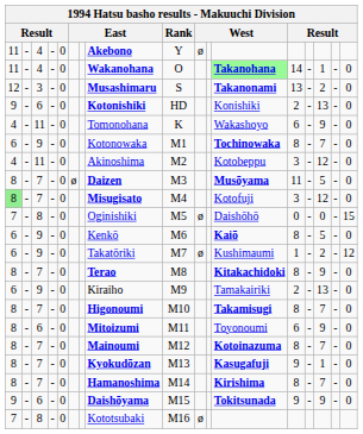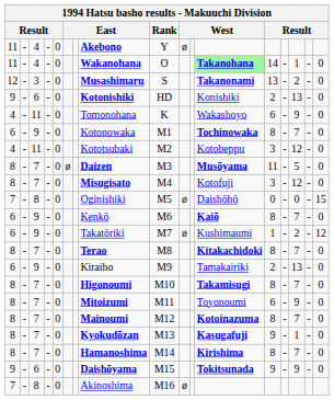 <table class="wikitable">
 <tr>
 <th colspan="17">1994 Hatsu basho results - Makuuchi Division</th>
 </tr>
 <tr>
 <th colspan="5">Result</th>
 <th colspan="3">East</th>
 <th>Rank</th>
 <th colspan="3">West</th>
 <th colspan="5">Result</th>
 </tr>
 <tr>
 <td align=center>11</td>
 <td align=center>-</td>
 <td align=center>4</td>
 <td align=center>-</td>
 <td align=center>0</td>
 <td align=center></td>
 <td align=center></td>
 <td><strong><a href='#'>Akebono</a></strong></td>
 <td align=center>Y</td>
 <td align=center>ø</td>
 <td align=center></td>
 <td></td>
 <td align=center></td>
 <td align=center></td>
 <td align=center></td>
 <td align=center></td>
 <td align=center></td>
 </tr>
 <tr>
 <td align=center>11</td>
 <td align=center>-</td>
 <td align=center>4</td>
 <td align=center>-</td>
 <td align=center>0</td>
 <td align=center></td>
 <td align=center></td>
 <td><strong><a href='#'>Wakanohana</a></strong></td>
 <td align=center>O</td>
 <td align=center></td>
 <td align=center></td>
 <td style="background: PaleGreen;"><strong><a href='#'>Takanohana</a></strong></td>
 <td align=center>14</td>
 <td align=center>-</td>
 <td align=center>1</td>
 <td align=center>-</td>
 <td align=center>0</td>
 </tr>
 <tr>
 <td align=center>12</td>
 <td align=center>-</td>
 <td align=center>3</td>
 <td align=center>-</td>
 <td align=center>0</td>
 <td align=center></td>
 <td align=center></td>
 <td><strong><a href='#'>Musashimaru</a></strong></td>
 <td align=center>S</td>
 <td align=center></td>
 <td align=center></td>
 <td><strong><a href='#'>Takanonami</a></strong></td>
 <td align=center>13</td>
 <td align=center>-</td>
 <td align=center>2</td>
 <td align=center>-</td>
 <td align=center>0</td>
 </tr>
 <tr>
 <td align=center>9</td>
 <td align=center>-</td>
 <td align=center>6</td>
 <td align=center>-</td>
 <td align=center>0</td>
 <td align=center></td>
 <td align=center></td>
 <td><strong><a href='#'>Kotonishiki</a></strong></td>
 <td align=center>HD</td>
 <td align=center></td>
 <td align=center></td>
 <td><a href='#'>Konishiki</a></td>
 <td align=center>2</td>
 <td align=center>-</td>
 <td align=center>13</td>
 <td align=center>-</td>
 <td align=center>0</td>
 </tr>
 <tr>
 <td align=center>4</td>
 <td align=center>-</td>
 <td align=center>11</td>
 <td align=center>-</td>
 <td align=center>0</td>
 <td align=center></td>
 <td align=center></td>
 <td><a href='#'>Tomonohana</a></td>
 <td align=center>K</td>
 <td align=center></td>
 <td align=center></td>
 <td><a href='#'>Wakashoyo</a></td>
 <td align=center>6</td>
 <td align=center>-</td>
 <td align=center>9</td>
 <td align=center>-</td>
 <td align=center>0</td>
 </tr>
 <tr>
 <td align=center>6</td>
 <td align=center>-</td>
 <td align=center>9</td>
 <td align=center>-</td>
 <td align=center>0</td>
 <td align=center></td>
 <td align=center></td>
 <td><a href='#'>Kotonowaka</a></td>
 <td align=center>M1</td>
 <td align=center></td>
 <td align=center></td>
 <td><strong><a href='#'>Tochinowaka</a></strong></td>
 <td align=center>8</td>
 <td align=center>-</td>
 <td align=center>7</td>
 <td align=center>-</td>
 <td align=center>0</td>
 </tr>
 <tr>
 <td align=center>4</td>
 <td align=center>-</td>
 <td align=center>11</td>
 <td align=center>-</td>
 <td align=center>0</td>
 <td align=center></td>
 <td align=center></td>
-<td><a href='#'>Akinoshima</a></td>
+<td><a href='#'>Kototsubaki</a></td>
 <td align=center>M2</td>
 <td align=center></td>
 <td align=center></td>
 <td><a href='#'>Kotobeppu</a></td>
 <td align=center>3</td>
 <td align=center>-</td>
 <td align=center>12</td>
 <td align=center>-</td>
 <td align=center>0</td>
 </tr>
 <tr>
 <td align=center>8</td>
 <td align=center>-</td>
 <td align=center>7</td>
 <td align=center>-</td>
 <td align=center>0</td>
 <td align=center>ø</td>
 <td align=center></td>
 <td><strong><a href='#'>Daizen</a></strong></td>
 <td align=center>M3</td>
 <td align=center></td>
 <td align=center></td>
 <td><strong><a href='#'>Musōyama</a></strong></td>
 <td align=center>11</td>
 <td align=center>-</td>
 <td align=center>5</td>
 <td align=center>-</td>
 <td align=center>0</td>
 </tr>
 <tr>
-<td align=center style="background: lightgreen;">8</td>
+<td align=center>8</td>
 <td align=center>-</td>
 <td align=center>7</td>
 <td align=center>-</td>
 <td align=center>0</td>
 <td align=center></td>
 <td align=center></td>
 <td><strong><a href='#'>Misugisato</a></strong></td>
 <td align=center>M4</td>
 <td align=center></td>
 <td align=center></td>
 <td><a href='#'>Kotofuji</a></td>
 <td align=center>3</td>
 <td align=center>-</td>
 <td align=center>12</td>
 <td align=center>-</td>
 <td align=center>0</td>
 </tr>
 <tr>
 <td align=center>7</td>
 <td align=center>-</td>
 <td align=center>8</td>
 <td align=center>-</td>
 <td align=center>0</td>
 <td align=center></td>
 <td align=center></td>
 <td><a href='#'>Oginishiki</a></td>
 <td align=center>M5</td>
 <td align=center>ø</td>
 <td align=center></td>
 <td><a href='#'>Daishōhō</a></td>
 <td align=center>0</td>
 <td align=center>-</td>
 <td align=center>0</td>
 <td align=center>-</td>
 <td align=center>15</td>
 </tr>
 <tr>
 <td align=center>6</td>
 <td align=center>-</td>
 <td align=center>9</td>
 <td align=center>-</td>
 <td align=center>0</td>
 <td align=center></td>
 <td align=center></td>
 <td><a href='#'>Kenkō</a></td>
 <td align=center>M6</td>
 <td align=center></td>
 <td align=center></td>
 <td><strong><a href='#'>Kaiō</a></strong></td>
 <td align=center>8</td>
 <td align=center>-</td>
-<td align=center>5</td>
+<td align=center>7</td>
 <td align=center>-</td>
 <td align=center>0</td>
 </tr>
 <tr>
 <td align=center>6</td>
 <td align=center>-</td>
 <td align=center>9</td>
 <td align=center>-</td>
 <td align=center>0</td>
 <td align=center></td>
 <td align=center></td>
 <td><a href='#'>Takatōriki</a></td>
 <td align=center>M7</td>
 <td align=center>ø</td>
 <td align=center></td>
 <td><a href='#'>Kushimaumi</a></td>
 <td align=center>1</td>
 <td align=center>-</td>
 <td align=center>2</td>
 <td align=center>-</td>
 <td align=center>12</td>
 </tr>
 <tr>
 <td align=center>8</td>
 <td align=center>-</td>
 <td align=center>7</td>
 <td align=center>-</td>
 <td align=center>0</td>
 <td align=center></td>
 <td align=center></td>
 <td><strong><a href='#'>Terao</a></strong></td>
 <td align=center>M8</td>
 <td align=center></td>
 <td align=center></td>
 <td><strong><a href='#'>Kitakachidoki</a></strong></td>
 <td align=center>8</td>
 <td align=center>-</td>
-<td align=center>9</td>
+<td align=center>7</td>
 <td align=center>-</td>
 <td align=center>0</td>
 </tr>
 <tr>
 <td align=center>6</td>
 <td align=center>-</td>
 <td align=center>9</td>
 <td align=center>-</td>
 <td align=center>0</td>
 <td align=center></td>
 <td align=center></td>
 <td>Kiraiho</td>
 <td align=center>M9</td>
 <td align=center></td>
 <td align=center></td>
 <td><a href='#'>Tamakairiki</a></td>
 <td align=center>2</td>
 <td align=center>-</td>
 <td align=center>13</td>
 <td align=center>-</td>
 <td align=center>0</td>
 </tr>
 <tr>
 <td align=center>8</td>
 <td align=center>-</td>
 <td align=center>7</td>
 <td align=center>-</td>
 <td align=center>0</td>
 <td align=center></td>
 <td align=center></td>
 <td><strong><a href='#'>Higonoumi</a></strong></td>
 <td align=center>M10</td>
 <td align=center></td>
 <td align=center></td>
 <td><strong><a href='#'>Takamisugi</a></strong></td>
 <td align=center>8</td>
 <td align=center>-</td>
 <td align=center>7</td>
 <td align=center>-</td>
 <td align=center>0</td>
 </tr>
 <tr>
 <td align=center>8</td>
 <td align=center>-</td>
-<td align=center>6</td>
+<td align=center>7</td>
 <td align=center>-</td>
 <td align=center>0</td>
 <td align=center></td>
 <td align=center></td>
 <td><strong><a href='#'>Mitoizumi</a></strong></td>
 <td align=center>M11</td>
 <td align=center></td>
 <td align=center></td>
 <td><a href='#'>Toyonoumi</a></td>
 <td align=center>6</td>
 <td align=center>-</td>
 <td align=center>9</td>
 <td align=center>-</td>
 <td align=center>0</td>
 </tr>
 <tr>
 <td align=center>8</td>
 <td align=center>-</td>
 <td align=center>7</td>
 <td align=center>-</td>
 <td align=center>0</td>
 <td align=center></td>
 <td align=center></td>
 <td><strong><a href='#'>Mainoumi</a></strong></td>
 <td align=center>M12</td>
 <td align=center></td>
 <td align=center></td>
 <td><strong><a href='#'>Kotoinazuma</a></strong></td>
 <td align=center>8</td>
 <td align=center>-</td>
 <td align=center>7</td>
 <td align=center>-</td>
 <td align=center>0</td>
 </tr>
 <tr>
 <td align=center>8</td>
 <td align=center>-</td>
 <td align=center>7</td>
 <td align=center>-</td>
 <td align=center>0</td>
 <td align=center></td>
 <td align=center></td>
 <td><strong><a href='#'>Kyokudōzan</a></strong></td>
 <td align=center>M13</td>
 <td align=center></td>
 <td align=center></td>
 <td><strong><a href='#'>Kasugafuji</a></strong></td>
 <td align=center>9</td>
 <td align=center>-</td>
 <td align=center>1</td>
 <td align=center>-</td>
 <td align=center>0</td>
 </tr>
 <tr>
 <td align=center>8</td>
 <td align=center>-</td>
 <td align=center>7</td>
 <td align=center>-</td>
 <td align=center>0</td>
 <td align=center></td>
 <td align=center></td>
 <td><strong><a href='#'>Hamanoshima</a></strong></td>
 <td align=center>M14</td>
 <td align=center></td>
 <td align=center></td>
 <td><strong><a href='#'>Kirishima</a></strong></td>
 <td align=center>8</td>
 <td align=center>-</td>
 <td align=center>7</td>
 <td align=center>-</td>
 <td align=center>0</td>
 </tr>
 <tr>
 <td align=center>9</td>
 <td align=center>-</td>
 <td align=center>6</td>
 <td align=center>-</td>
 <td align=center>0</td>
 <td align=center></td>
 <td align=center></td>
 <td><strong><a href='#'>Daishōyama</a></strong></td>
 <td align=center>M15</td>
 <td align=center></td>
 <td align=center></td>
 <td><strong><a href='#'>Tokitsunada</a></strong></td>
 <td align=center>9</td>
 <td align=center>-</td>
 <td align=center>9</td>
 <td align=center>-</td>
 <td align=center>0</td>
 </tr>
 <tr>
 <td align=center>7</td>
 <td align=center>-</td>
 <td align=center>8</td>
 <td align=center>-</td>
 <td align=center>0</td>
 <td align=center></td>
 <td align=center></td>
-<td><a href='#'>Kototsubaki</a></td>
+<td><a href='#'>Akinoshima</a></td>
 <td align=center>M16</td>
 <td align=center>ø</td>
 <td align=center></td>
 <td></td>
 <td align=center></td>
 <td align=center></td>
 <td align=center></td>
 <td align=center></td>
 <td align=center></td>
 </tr>
 </table>
